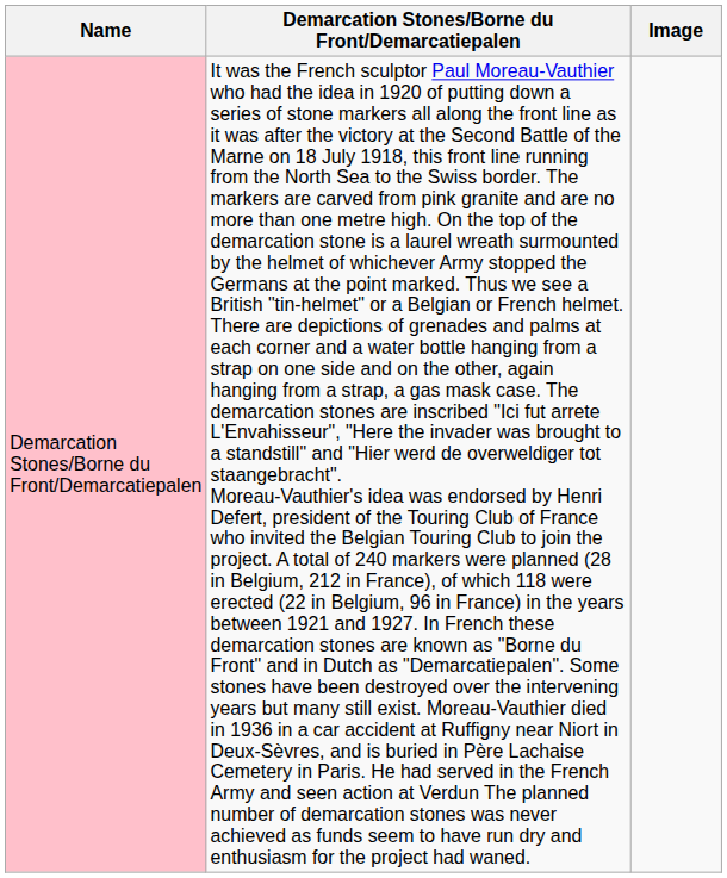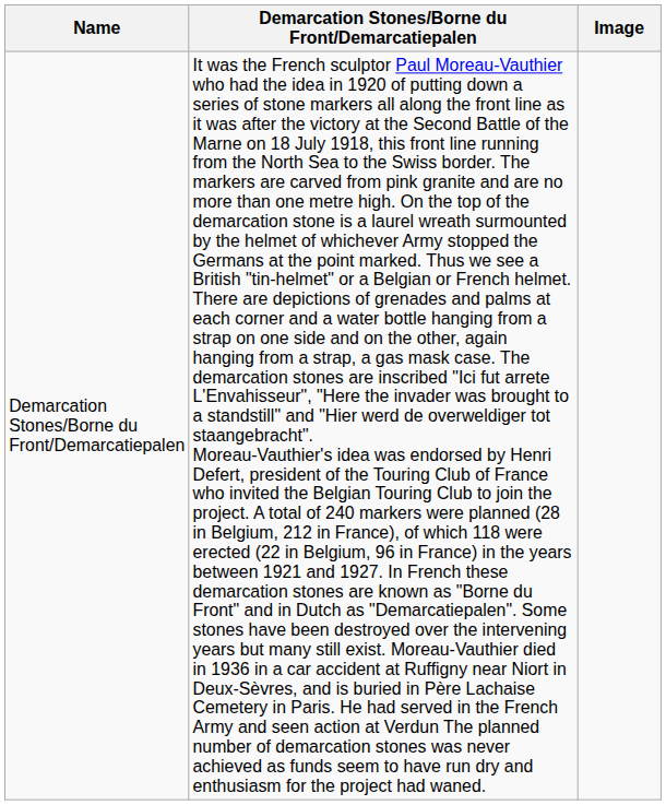 <table class="wikitable sortable">
 <tr>
 <th scope="col" style="width:100px;">Name</th>
 <th scope="col" style="width:950px;">Demarcation Stones/Borne du Front/Demarcatiepalen</th>
 <th scope="col" style="width:150px;">Image</th>
 </tr>
 <tr>
-<td style="background: pink;">Demarcation Stones/Borne du Front/Demarcatiepalen</td>
+<td>Demarcation Stones/Borne du Front/Demarcatiepalen</td>
 <td>It was the French sculptor <a href='#'>Paul Moreau-Vauthier</a> who had the idea in 1920 of putting down a series of stone markers all along the front line as it was after the victory at the Second Battle of the Marne on 18 July 1918, this front line running from the North Sea to the Swiss border. The markers are carved from pink granite and are no more than one metre high. On the top of the demarcation stone is a laurel wreath surmounted by the helmet of whichever Army stopped the Germans at the point marked. Thus we see a British "tin-helmet" or a Belgian or French helmet. There are depictions of grenades and palms at each corner and a water bottle hanging from a strap on one side and on the other, again hanging from a strap, a gas mask case. The demarcation stones are inscribed "Ici fut arrete L'Envahisseur", "Here the invader was brought to a standstill" and "Hier werd de overweldiger tot staangebracht".<br>Moreau-Vauthier's idea was endorsed by Henri Defert, president of the Touring Club of France who invited the Belgian Touring Club to join the project. A total of 240 markers were planned (28 in Belgium, 212 in France), of which 118 were erected (22 in Belgium, 96 in France) in the years between 1921 and 1927. In French these demarcation stones are known as "Borne du Front" and in Dutch as "Demarcatiepalen". Some stones have been destroyed over the intervening years but many still exist. Moreau-Vauthier died in 1936 in a car accident at Ruffigny near Niort in Deux-Sèvres, and is buried in Père Lachaise Cemetery in Paris. He had served in the French Army and seen action at Verdun The planned number of demarcation stones was never achieved as funds seem to have run dry and enthusiasm for the project had waned.</td>
 <td></td>
 </tr>
 </table>
